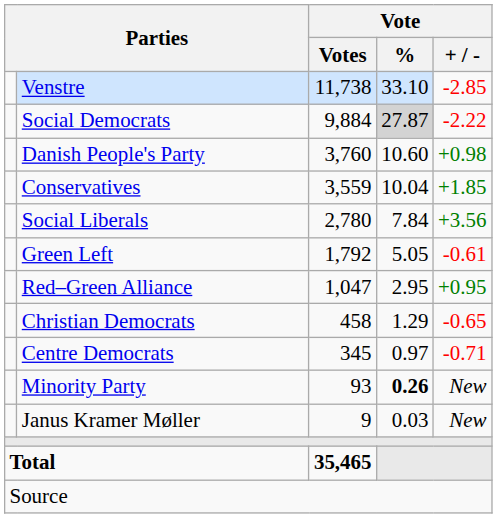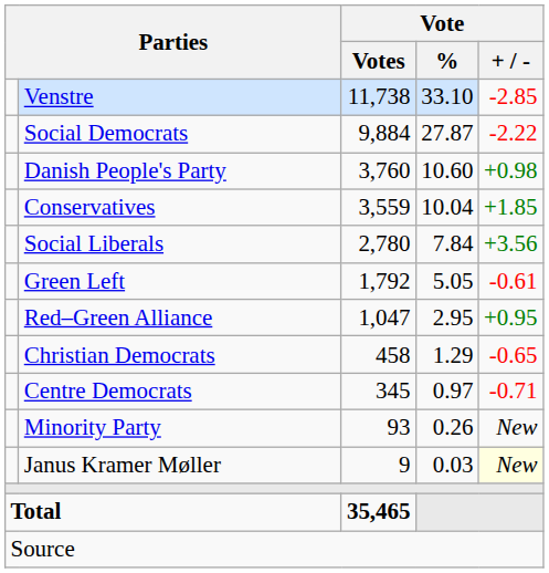 <table class="wikitable" style="text-align:right;">
 <tr>
 <th style="text-align:centre;" rowspan="2" colspan="2" width="225">Parties</th>
 <th colspan="3">Vote</th>
 </tr>
 <tr>
 <th width="15">Votes</th>
 <th width="15">%</th>
 <th width="15">+ / -</th>
 </tr>
 <tr>
 <td width="2" style="color:inherit;background:"></td>
 <td bgcolor=#cfe5fe  align="left"><a href='#'>Venstre</a></td>
 <td bgcolor=#cfe5fe>11,738</td>
 <td bgcolor=#cfe5fe>33.10</td>
 <td style=color:red;>-2.85</td>
 </tr>
 <tr>
 <td width="2" style="color:inherit;background:"></td>
 <td align="left"><a href='#'>Social Democrats</a></td>
 <td>9,884</td>
-<td style="background: lightgrey;">27.87</td>
+<td>27.87</td>
 <td style=color:red;>-2.22</td>
 </tr>
 <tr>
 <td width="2" style="color:inherit;background:"></td>
 <td align="left"><a href='#'>Danish People's Party</a></td>
 <td>3,760</td>
 <td>10.60</td>
 <td style=color:green;>+0.98</td>
 </tr>
 <tr>
 <td width="2" style="color:inherit;background:"></td>
 <td align="left"><a href='#'>Conservatives</a></td>
 <td>3,559</td>
 <td>10.04</td>
 <td style=color:green;>+1.85</td>
 </tr>
 <tr>
 <td width="2" style="color:inherit;background:"></td>
 <td align="left"><a href='#'>Social Liberals</a></td>
 <td>2,780</td>
 <td>7.84</td>
 <td style=color:green;>+3.56</td>
 </tr>
 <tr>
 <td width="2" style="color:inherit;background:"></td>
 <td align="left"><a href='#'>Green Left</a></td>
 <td>1,792</td>
 <td>5.05</td>
 <td style=color:red;>-0.61</td>
 </tr>
 <tr>
 <td width="2" style="color:inherit;background:"></td>
 <td align="left"><a href='#'>Red–Green Alliance</a></td>
 <td>1,047</td>
 <td>2.95</td>
 <td style=color:green;>+0.95</td>
 </tr>
 <tr>
 <td width="2" style="color:inherit;background:"></td>
 <td align="left"><a href='#'>Christian Democrats</a></td>
 <td>458</td>
 <td>1.29</td>
 <td style=color:red;>-0.65</td>
 </tr>
 <tr>
 <td width="2" style="color:inherit;background:"></td>
 <td align="left"><a href='#'>Centre Democrats</a></td>
 <td>345</td>
 <td>0.97</td>
 <td style=color:red;>-0.71</td>
 </tr>
 <tr>
 <td width="2" style="color:inherit;background:"></td>
 <td align="left"><a href='#'>Minority Party</a></td>
 <td>93</td>
-<td><strong>0.26</strong></td>
+<td>0.26</td>
 <td><em>New</em></td>
 </tr>
 <tr>
 <td width="2" style="color:inherit;background:"></td>
 <td align="left">Janus Kramer Møller</td>
 <td>9</td>
 <td>0.03</td>
-<td><em>New</em></td>
+<td style="background: lightyellow;"><em>New</em></td>
 </tr>
 <tr>
 <td colspan="7" bgcolor="#E9E9E9"></td>
 </tr>
 <tr>
 <td align="left" colspan="2"><strong>Total</strong></td>
 <td><strong>35,465</strong></td>
 <td bgcolor="#E9E9E9" colspan="2"></td>
 </tr>
 <tr>
 <td align="left" colspan="6">Source</td>
 </tr>
 </table>
